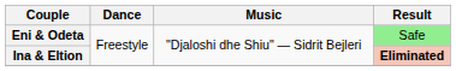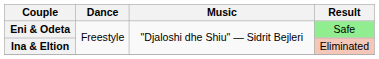 <table class="wikitable sortable" style="text-align:center; width: 90%">
 <tr>
 <th scope="col">Couple</th>
 <th scope="col" class="unsortable">Dance</th>
 <th scope="col" class="unsortable">Music</th>
 <th scope="col" class="unsortable">Result</th>
 </tr>
 <tr>
 <th scope="row">Eni & Odeta</th>
 <td rowspan="2">Freestyle</td>
 <td rowspan="2">"Djaloshi dhe Shiu" — Sidrit Bejleri</td>
 <td style="background: lightgreen;">Safe</td>
 </tr>
 <tr>
 <th scope="row">Ina & Eltion</th>
-<td bgcolor= f4c7b8><strong>Eliminated</strong></td>
+<td bgcolor= f4c7b8>Eliminated</td>
 </tr>
 <tr>
 </tr>
 </table>
